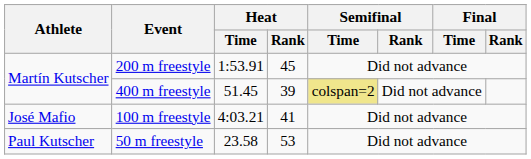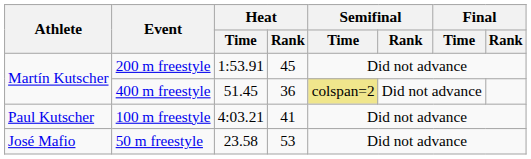 <table class=wikitable style="font-size:90%">
 <tr>
 <th rowspan="2">Athlete</th>
 <th rowspan="2">Event</th>
 <th colspan="2">Heat</th>
 <th colspan="2">Semifinal</th>
 <th colspan="2">Final</th>
 </tr>
 <tr style="font-size:95%">
 <th>Time</th>
 <th>Rank</th>
 <th>Time</th>
 <th>Rank</th>
 <th>Time</th>
 <th>Rank</th>
 </tr>
 <tr align=center>
 <td align=left rowspan=2><a href='#'>Martín Kutscher</a></td>
 <td align=left><a href='#'>200 m freestyle</a></td>
 <td>1:53.91</td>
 <td>45</td>
 <td colspan=4>Did not advance</td>
 </tr>
 <tr align=center>
 <td align=left><a href='#'>400 m freestyle</a></td>
 <td>51.45</td>
-<td>39</td>
+<td>36</td>
 <td style="background: khaki;">colspan=2 </td>
 <td colspan=2>Did not advance</td>
 </tr>
 <tr align=center>
-<td align=left><a href='#'>José Mafio</a></td>
+<td align=left><a href='#'>Paul Kutscher</a></td>
 <td align=left><a href='#'>100 m freestyle</a></td>
 <td>4:03.21</td>
 <td>41</td>
 <td colspan=4>Did not advance</td>
 </tr>
 <tr align=center>
-<td align=left><a href='#'>Paul Kutscher</a></td>
+<td align=left><a href='#'>José Mafio</a></td>
 <td align=left><a href='#'>50 m freestyle</a></td>
 <td>23.58</td>
 <td>53</td>
 <td colspan=4>Did not advance</td>
 </tr>
 </table>
